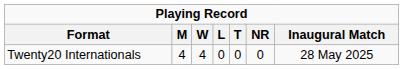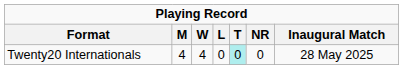 <table class="wikitable" style="text-align: center; width: 500px;">
 <tr>
 <td colspan=7 align="center"><strong>Playing Record</strong></td>
 </tr>
 <tr>
 <th>Format</th>
 <th>M</th>
 <th>W</th>
 <th>L</th>
 <th>T</th>
 <th>NR</th>
 <th>Inaugural Match</th>
 </tr>
 <tr>
 <td align="left">Twenty20 Internationals</td>
 <td>4</td>
 <td>4</td>
 <td>0</td>
-<td>0</td>
+<td style="background: paleturquoise;">0</td>
 <td>0</td>
 <td>28 May 2025</td>
 </tr>
 </table>
